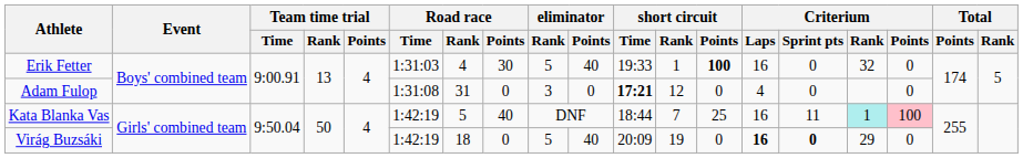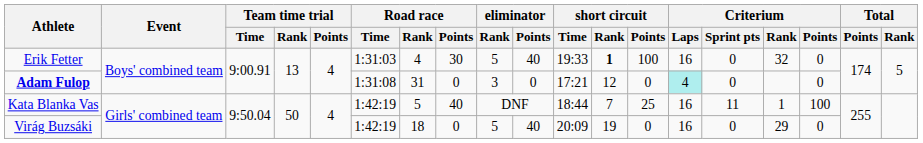 <table class="wikitable" style="text-align:center; font-size:90%;">
 <tr>
 <th rowspan="2">Athlete</th>
 <th rowspan="2">Event</th>
 <th colspan="3">Team time trial</th>
 <th colspan="3">Road race</th>
 <th colspan="2"> eliminator</th>
 <th colspan="3"> short circuit</th>
 <th colspan="4">Criterium</th>
 <th colspan="2">Total</th>
 </tr>
 <tr style="font-size:95%;">
 <th>Time</th>
 <th>Rank</th>
 <th>Points</th>
 <th>Time</th>
 <th>Rank</th>
 <th>Points</th>
 <th>Rank</th>
 <th>Points</th>
 <th>Time</th>
 <th>Rank</th>
 <th>Points</th>
 <th>Laps</th>
 <th>Sprint pts</th>
 <th>Rank</th>
 <th>Points</th>
 <th>Points</th>
 <th>Rank</th>
 </tr>
 <tr>
 <td><a href='#'>Erik Fetter</a></td>
 <td rowspan=2><a href='#'>Boys' combined team</a></td>
 <td rowspan=2>9:00.91</td>
 <td rowspan=2>13</td>
 <td rowspan=2>4</td>
 <td>1:31:03</td>
 <td>4</td>
 <td>30</td>
 <td>5</td>
 <td>40</td>
 <td>19:33</td>
-<td>1</td>
-<td><strong>100</strong></td>
+<td><strong>1</strong></td>
+<td>100</td>
 <td>16</td>
 <td>0</td>
 <td>32</td>
 <td>0</td>
 <td rowspan=2>174</td>
 <td rowspan=2>5</td>
 </tr>
 <tr>
-<td><a href='#'>Adam Fulop</a></td>
+<td><strong><a href='#'>Adam Fulop</a></strong></td>
 <td>1:31:08</td>
 <td>31</td>
 <td>0</td>
 <td>3</td>
 <td>0</td>
-<td><strong>17:21</strong></td>
+<td>17:21</td>
 <td>12</td>
 <td>0</td>
-<td>4</td>
+<td style="background: paleturquoise;">4</td>
 <td>0</td>
 <td></td>
 <td>0</td>
 </tr>
 <tr>
 <td><a href='#'>Kata Blanka Vas</a></td>
 <td rowspan=2><a href='#'>Girls' combined team</a></td>
 <td rowspan=2>9:50.04</td>
 <td rowspan=2>50</td>
 <td rowspan=2>4</td>
 <td>1:42:19</td>
 <td>5</td>
 <td>40</td>
 <td Colspan=2>DNF</td>
 <td>18:44</td>
 <td>7</td>
 <td>25</td>
 <td>16</td>
 <td>11</td>
-<td style="background: paleturquoise;">1</td>
-<td style="background: pink;">100</td>
+<td>1</td>
+<td>100</td>
 <td rowspan=2>255</td>
 <td rowspan=2></td>
 </tr>
 <tr>
 <td><a href='#'>Virág Buzsáki</a></td>
 <td>1:42:19</td>
 <td>18</td>
 <td>0</td>
 <td>5</td>
 <td>40</td>
 <td>20:09</td>
 <td>19</td>
 <td>0</td>
-<td><strong>16</strong></td>
-<td><strong>0</strong></td>
+<td>16</td>
+<td>0</td>
 <td>29</td>
 <td>0</td>
 </tr>
 </table>
